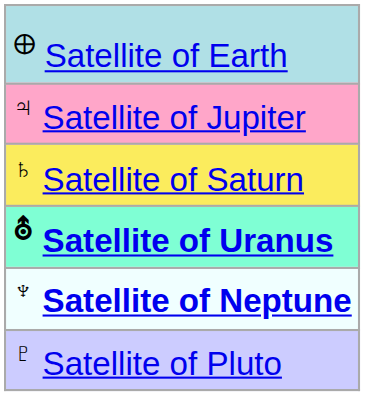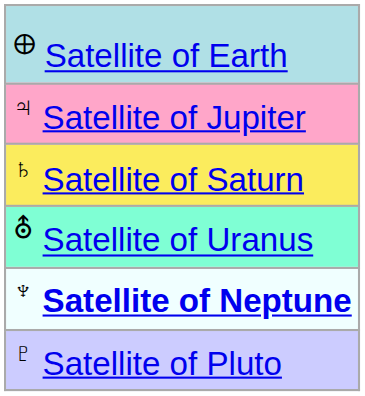 <table class="wikitable" border="1">
 <tr>
 <td style="background-color: #B0E0E6;"><sup>🜨</sup> <a href='#'>Satellite of Earth</a></td>
 </tr>
 <tr>
 <td style="background-color: #FFA6C9;"><sup>♃</sup> <a href='#'>Satellite of Jupiter</a></td>
 </tr>
 <tr>
 <td style="background-color: #FBEC5D;"><sup>♄</sup> <a href='#'>Satellite of Saturn</a></td>
 </tr>
 <tr>
-<td style="background-color: #7FFFD4;"><strong><sup>⛢</sup> <a href='#'>Satellite of Uranus</a></strong></td>
+<td style="background-color: #7FFFD4;"><sup>⛢</sup> <a href='#'>Satellite of Uranus</a></td>
 </tr>
 <tr>
 <td style="background-color: #F0FFFF;"><strong><sup>♆</sup> <a href='#'>Satellite of Neptune</a></strong></td>
 </tr>
 <tr>
 <td style="background-color: #CCCCFF;"><sup>♇</sup> <a href='#'>Satellite of Pluto</a></td>
 </tr>
 </table>
